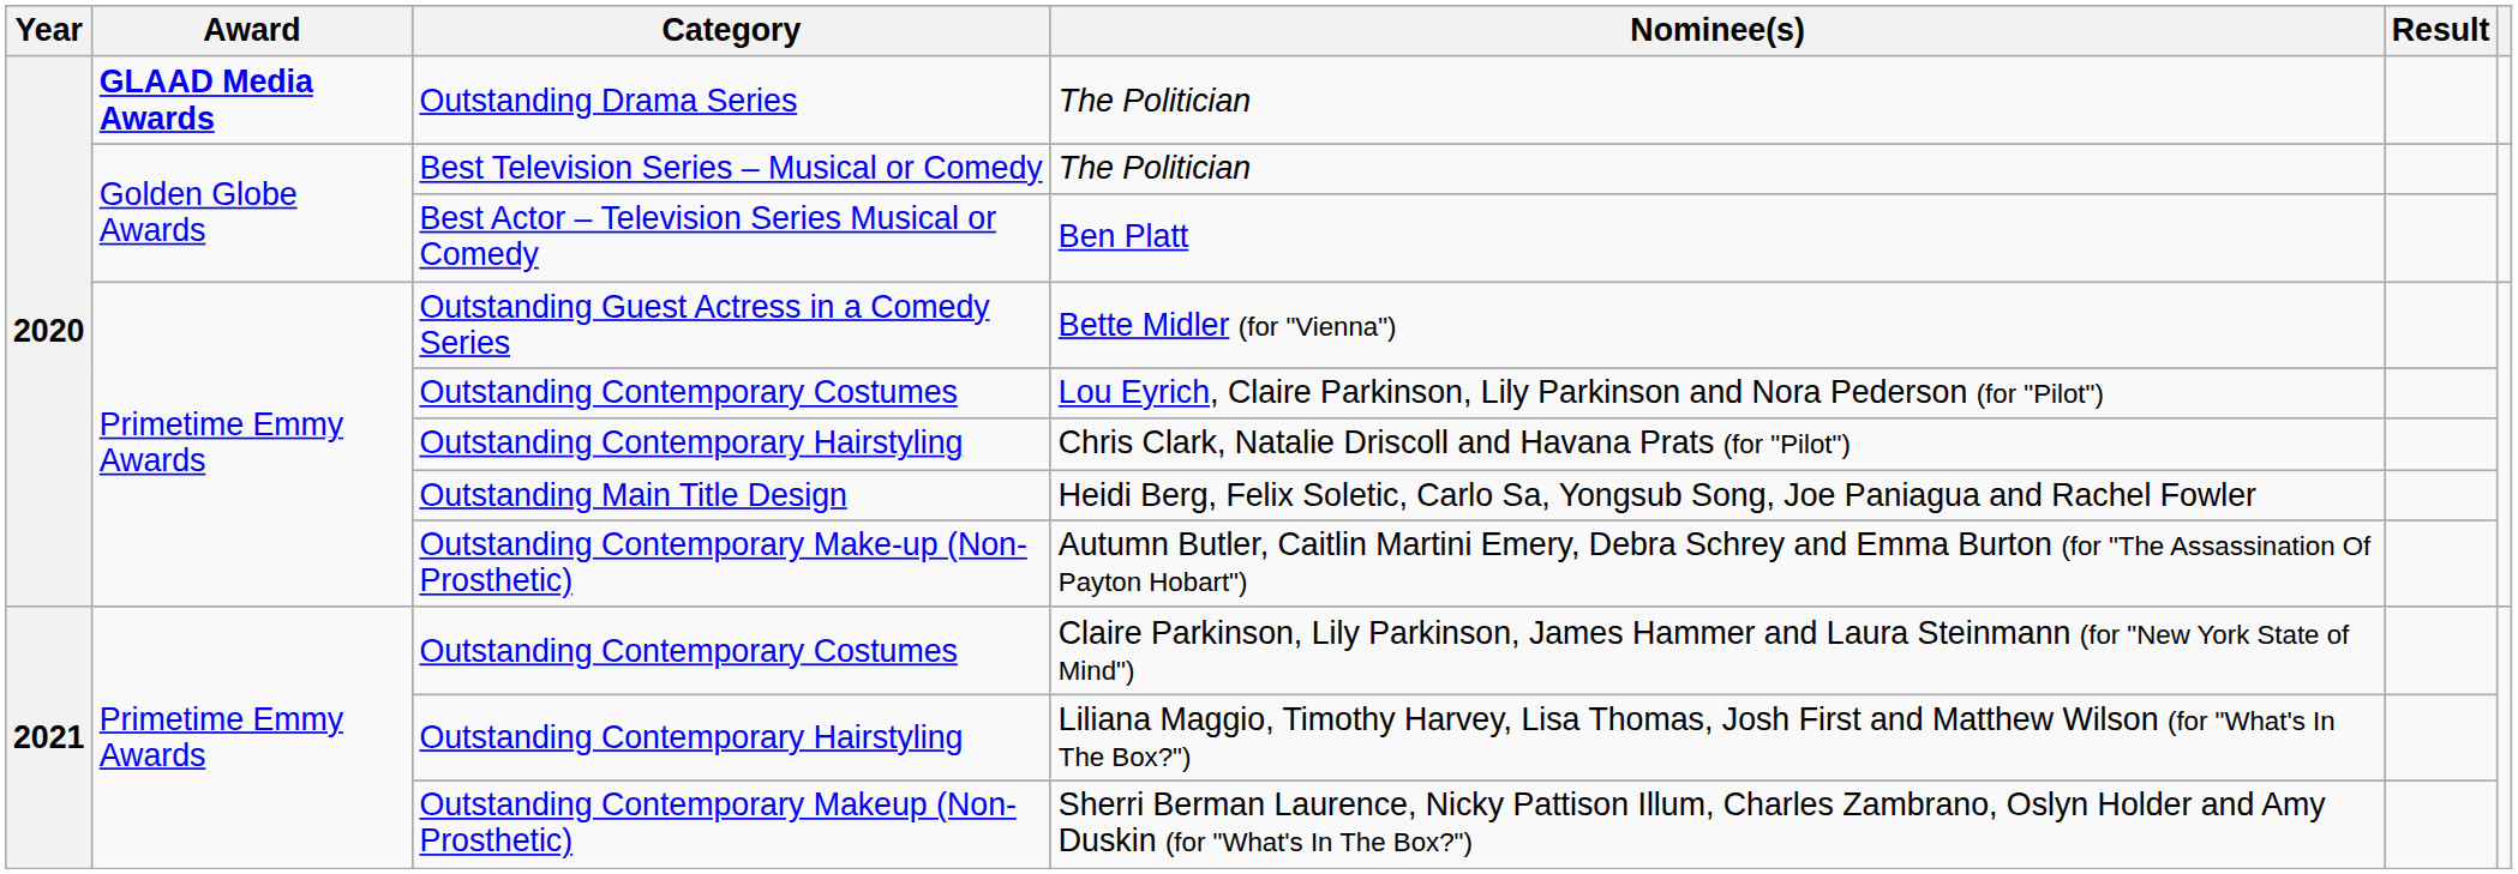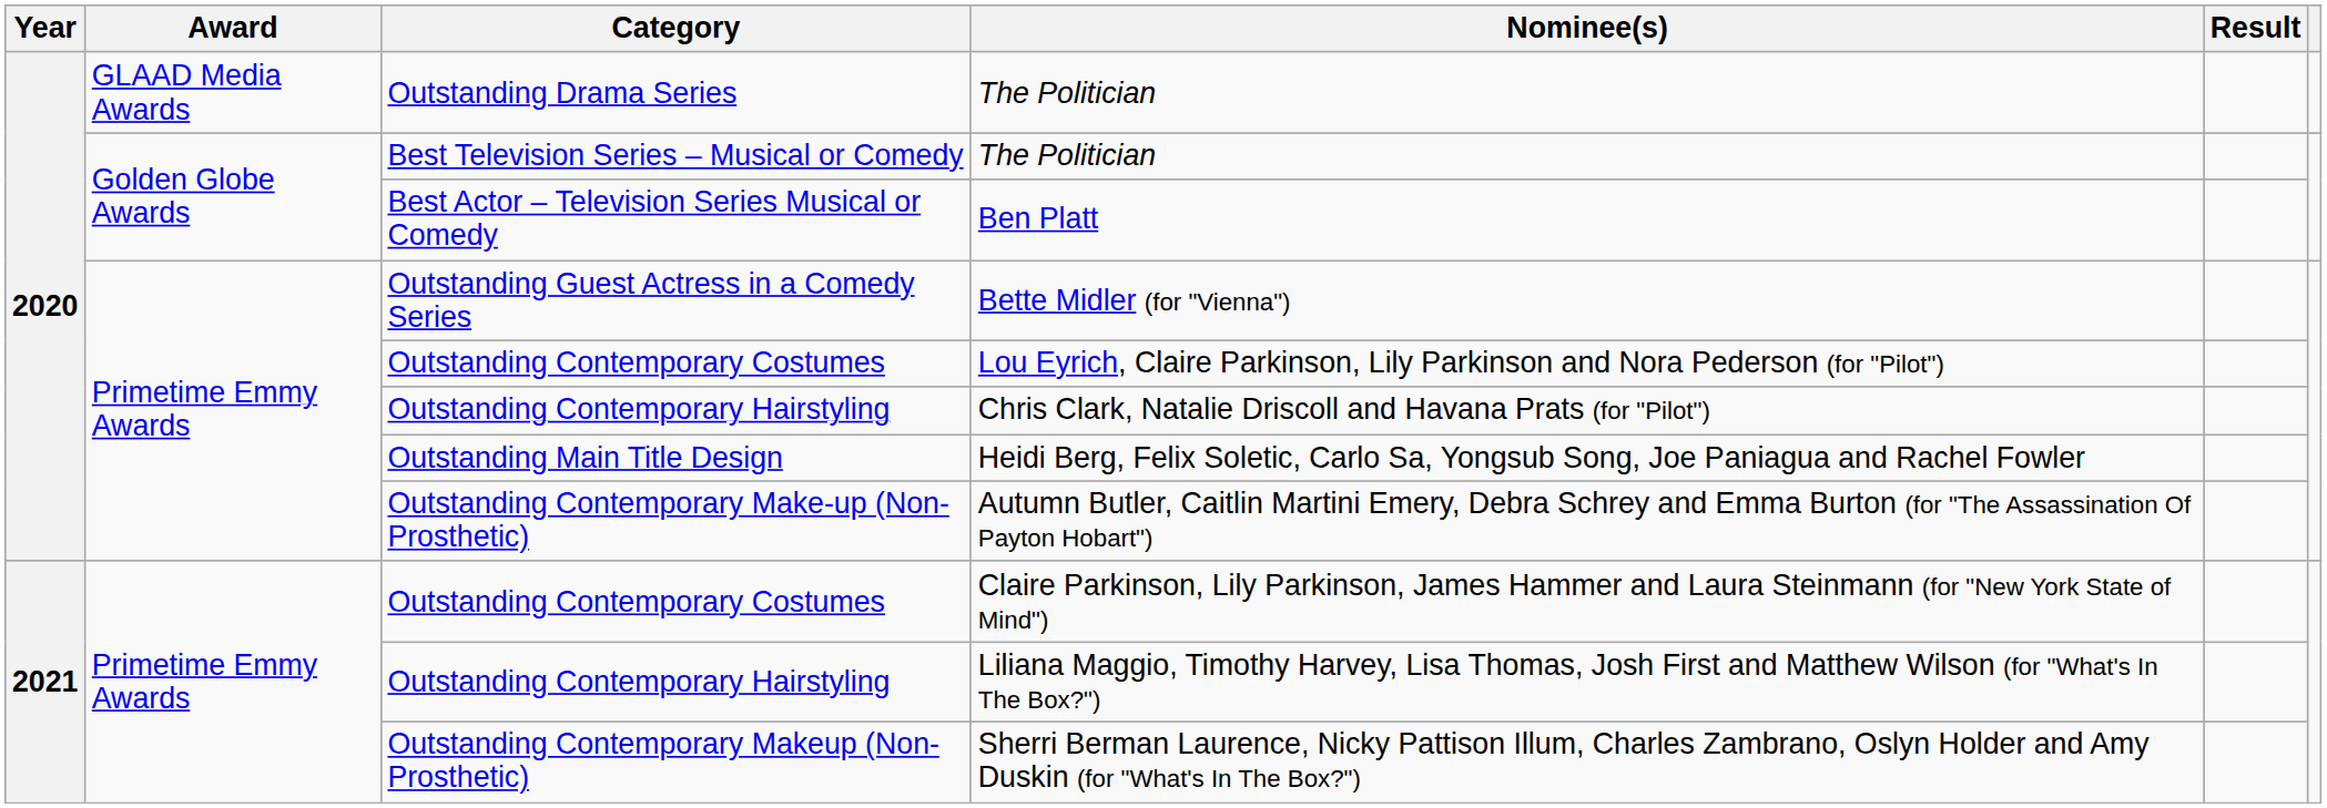 <table class="wikitable sortable plainrowheaders" style="width:99%;">
 <tr>
 <th scope="col">Year</th>
 <th scope="col">Award</th>
 <th scope="col">Category</th>
 <th scope="col">Nominee(s)</th>
 <th scope="col">Result</th>
 <th scope="col" class="unsortable"></th>
 </tr>
 <tr>
 <th scope="row" rowspan="8">2020</th>
-<td><strong><a href='#'>GLAAD Media Awards</a></strong></td>
+<td><a href='#'>GLAAD Media Awards</a></td>
 <td><a href='#'>Outstanding Drama Series</a></td>
 <td><em>The Politician</em></td>
 <td></td>
 <td align="center"></td>
 </tr>
 <tr>
 <td rowspan="2"><a href='#'>Golden Globe Awards</a></td>
 <td><a href='#'>Best Television Series – Musical or Comedy</a></td>
 <td><em>The Politician</em></td>
 <td></td>
 <td align="center" rowspan="2"></td>
 </tr>
 <tr>
 <td><a href='#'>Best Actor – Television Series Musical or Comedy</a></td>
 <td><a href='#'>Ben Platt</a></td>
 <td></td>
 </tr>
 <tr>
 <td rowspan="5"><a href='#'>Primetime Emmy Awards</a></td>
 <td><a href='#'>Outstanding Guest Actress in a Comedy Series</a></td>
 <td><a href='#'>Bette Midler</a> <small>(for "Vienna")</small></td>
 <td></td>
 <td align="center" rowspan="5"></td>
 </tr>
 <tr>
 <td><a href='#'>Outstanding Contemporary Costumes</a></td>
 <td><a href='#'>Lou Eyrich</a>, Claire Parkinson, Lily Parkinson and Nora Pederson <small>(for "Pilot")</small></td>
 <td></td>
 </tr>
 <tr>
 <td><a href='#'>Outstanding Contemporary Hairstyling</a></td>
 <td>Chris Clark, Natalie Driscoll and Havana Prats <small>(for "Pilot")</small></td>
 <td></td>
 </tr>
 <tr>
 <td><a href='#'>Outstanding Main Title Design</a></td>
 <td>Heidi Berg, Felix Soletic, Carlo Sa, Yongsub Song, Joe Paniagua and Rachel Fowler</td>
 <td></td>
 </tr>
 <tr>
 <td><a href='#'>Outstanding Contemporary Make-up (Non-Prosthetic)</a></td>
 <td>Autumn Butler, Caitlin Martini Emery, Debra Schrey and Emma Burton <small>(for "The Assassination Of Payton Hobart")</small></td>
 <td></td>
 </tr>
 <tr>
 <th scope="row" rowspan="3">2021</th>
 <td rowspan="3"><a href='#'>Primetime Emmy Awards</a></td>
 <td><a href='#'>Outstanding Contemporary Costumes</a></td>
 <td>Claire Parkinson, Lily Parkinson, James Hammer and Laura Steinmann <small>(for "New York State of Mind")</small></td>
 <td></td>
 <td align="center" rowspan="3"></td>
 </tr>
 <tr>
 <td><a href='#'>Outstanding Contemporary Hairstyling</a></td>
 <td>Liliana Maggio, Timothy Harvey, Lisa Thomas, Josh First and Matthew Wilson <small>(for "What's In The Box?")</small></td>
 <td></td>
 </tr>
 <tr>
 <td><a href='#'>Outstanding Contemporary Makeup (Non-Prosthetic)</a></td>
 <td>Sherri Berman Laurence, Nicky Pattison Illum, Charles Zambrano, Oslyn Holder and Amy Duskin <small>(for "What's In The Box?")</small></td>
 <td></td>
 </tr>
 </table>
